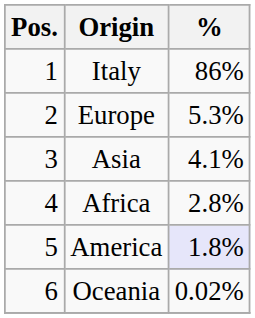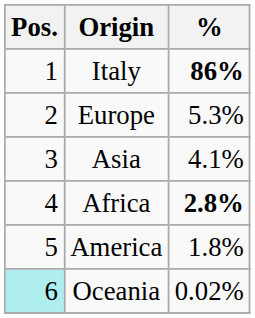 <table class="wikitable" style="text-align:right; font-size:95%;">
 <tr>
 <th>Pos.</th>
 <th>Origin</th>
 <th Percentage>%</th>
 </tr>
 <tr>
 <td>1</td>
 <td align=center>Italy</td>
-<td>86%</td>
+<td><strong>86%</strong></td>
 </tr>
 <tr>
 <td>2</td>
 <td align=center>Europe</td>
 <td>5.3%</td>
 </tr>
 <tr>
 <td>3</td>
 <td align=center>Asia</td>
 <td>4.1%</td>
 </tr>
 <tr>
 <td>4</td>
 <td align=center>Africa</td>
-<td>2.8%</td>
+<td><strong>2.8%</strong></td>
 </tr>
 <tr>
 <td>5</td>
 <td align=center>America</td>
-<td style="background: lavender;">1.8%</td>
+<td>1.8%</td>
 </tr>
 <tr>
-<td>6</td>
+<td style="background: paleturquoise;">6</td>
 <td align=center>Oceania</td>
 <td>0.02%</td>
 </tr>
 <tr>
 </tr>
 </table>
